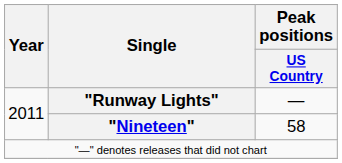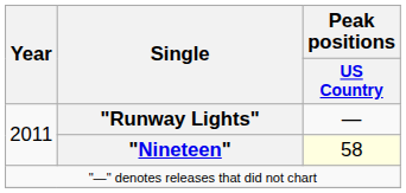 <table class="wikitable plainrowheaders" style="text-align:center;">
 <tr>
 <th rowspan="2">Year</th>
 <th rowspan="2" style="width:12em;">Single</th>
 <th colspan="1">Peak positions</th>
 </tr>
 <tr style="font-size:smaller;">
 <th width="50"><a href='#'>US Country</a></th>
 </tr>
 <tr>
 <td rowspan="2">2011</td>
 <th scope="row">"Runway Lights"</th>
 <td>—</td>
 </tr>
 <tr>
 <th scope="row">"<a href='#'>Nineteen</a>"</th>
-<td>58</td>
+<td style="background: lightyellow;">58</td>
 </tr>
 <tr>
 <td colspan="3" style="font-size:8pt">"—" denotes releases that did not chart</td>
 </tr>
 <tr>
 </tr>
 </table>
